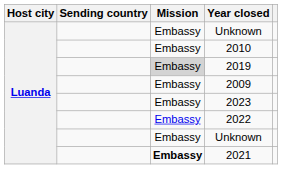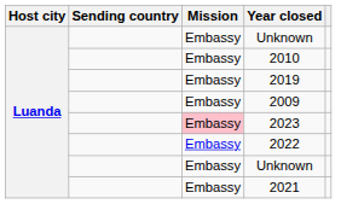 <table class="wikitable plainrowheaders">
 <tr>
 <th scope="col">Host city</th>
 <th scope="col">Sending country</th>
 <th scope="col">Mission</th>
 <th scope="col">Year closed</th>
 <th scope="col"></th>
 </tr>
 <tr>
 <th rowspan="8"><a href='#'>Luanda</a></th>
 <td></td>
 <td style="text-align:center;">Embassy</td>
 <td style="text-align:center;">Unknown</td>
 <td style="text-align:center;"></td>
 </tr>
 <tr>
 <td></td>
 <td style="text-align:center;">Embassy</td>
 <td style="text-align:center;">2010</td>
 <td style="text-align:center;"></td>
 </tr>
 <tr>
 <td></td>
-<td style="background: lightgrey; text-align:center;">Embassy</td>
+<td style="text-align:center;">Embassy</td>
 <td style="text-align:center;">2019</td>
 <td style="text-align:center;"></td>
 </tr>
 <tr>
 <td></td>
 <td style="text-align:center;">Embassy</td>
 <td style="text-align:center;">2009</td>
 <td style="text-align:center;"></td>
 </tr>
 <tr>
 <td></td>
-<td style="text-align:center;">Embassy</td>
+<td style="background: pink; text-align:center;">Embassy</td>
 <td style="text-align:center;">2023</td>
 <td style="text-align:center;"></td>
 </tr>
 <tr>
 <td></td>
 <td style="text-align:center;"><a href='#'>Embassy</a></td>
 <td style="text-align:center;">2022</td>
 <td style="text-align:center;"></td>
 </tr>
 <tr>
 <td></td>
 <td style="text-align:center;">Embassy</td>
 <td style="text-align:center;">Unknown</td>
 <td style="text-align:center;"></td>
 </tr>
 <tr>
 <td></td>
-<td style="text-align:center;"><strong>Embassy</strong></td>
+<td style="text-align:center;">Embassy</td>
 <td style="text-align:center;">2021</td>
 <td style="text-align:center;"></td>
 </tr>
 </table>
